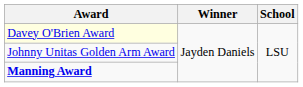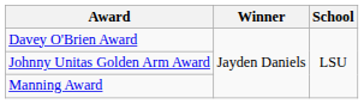 <table class="wikitable sortable">
 <tr>
 <th>Award</th>
 <th>Winner</th>
 <th>School</th>
 </tr>
 <tr>
-<td style="background: lightyellow;"><a href='#'>Davey O'Brien Award</a></td>
+<td><a href='#'>Davey O'Brien Award</a></td>
 <td rowspan=3>Jayden Daniels</td>
 <td align="center" rowspan=3>LSU</td>
 </tr>
 <tr>
 <td><a href='#'>Johnny Unitas Golden Arm Award</a></td>
 </tr>
 <tr>
-<td><strong><a href='#'>Manning Award</a></strong></td>
+<td><a href='#'>Manning Award</a></td>
 </tr>
 </table>
